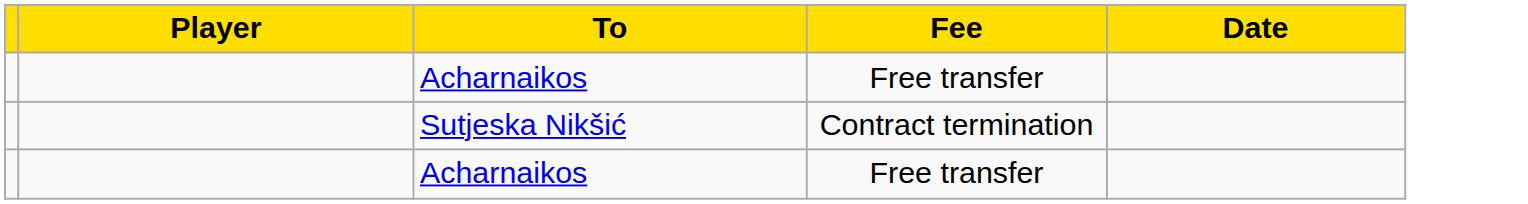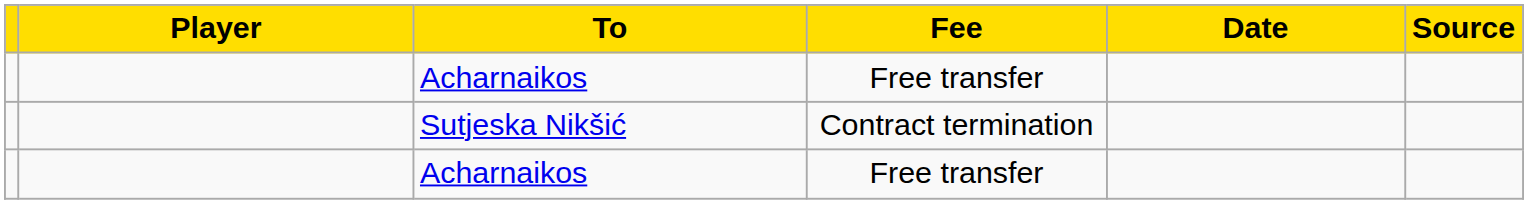 <table class="wikitable sortable">
 <tr>
 <th style="background:#FFDE00"></th>
 <th width=200 style="background:#FFDE00">Player</th>
 <th width=200 style="background:#FFDE00">To</th>
 <th width=150 style="background:#FFDE00">Fee</th>
 <th width=150 style="background:#FFDE00">Date</th>
+<th style="background:#FFDE00">Source</th>
 </tr>
 <tr>
 <td align=center></td>
 <td></td>
 <td> <a href='#'>Acharnaikos</a></td>
 <td align=center>Free transfer</td>
+<td align=center></td>
 <td align=center></td>
 </tr>
 <tr>
 <td align=center></td>
 <td></td>
 <td> <a href='#'>Sutjeska Nikšić</a></td>
 <td align=center>Contract termination</td>
 <td align=center></td>
+<td align=center></td>
 </tr>
 <tr>
 <td align=center></td>
 <td></td>
 <td> <a href='#'>Acharnaikos</a></td>
 <td align=center>Free transfer</td>
 <td align=center></td>
+<td align=center></td>
 </tr>
 </table>
